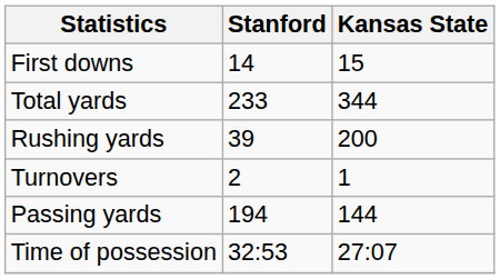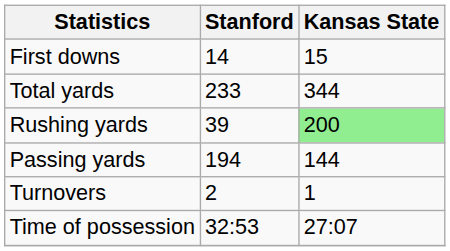 <table class="wikitable" style="float: left;">
 <tr>
 <th>Statistics</th>
 <th>Stanford</th>
 <th>Kansas State</th>
 </tr>
 <tr>
 <td>First downs</td>
 <td>14</td>
 <td>15</td>
 </tr>
 <tr>
 <td>Total yards</td>
 <td>233</td>
 <td>344</td>
 </tr>
 <tr>
 <td>Rushing yards</td>
 <td>39</td>
-<td>200</td>
+<td style="background: lightgreen;">200</td>
+</tr>
+<tr>
+<td>Passing yards</td>
+<td>194</td>
+<td>144</td>
 </tr>
 <tr>
 <td>Turnovers</td>
 <td>2</td>
 <td>1</td>
-</tr>
-<tr>
-<td>Passing yards</td>
-<td>194</td>
-<td>144</td>
 </tr>
 <tr>
 <td>Time of possession</td>
 <td>32:53</td>
 <td>27:07</td>
 </tr>
 <tr>
 </tr>
 </table>
